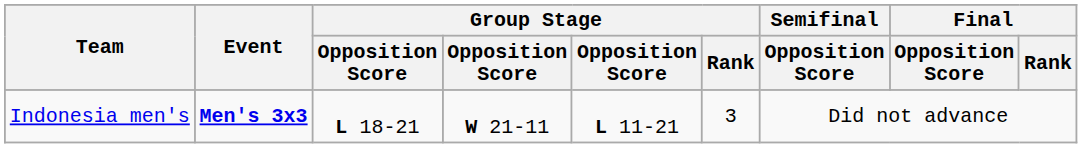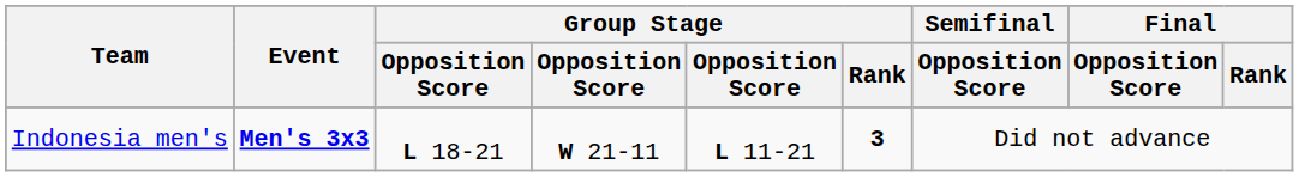 <table class="wikitable" style=font-size:85%;float:center;text-align:center>
 <tr>
 <th rowspan="2">Team</th>
 <th rowspan="2">Event</th>
 <th colspan="4">Group Stage</th>
 <th>Semifinal</th>
 <th colspan="2">Final</th>
 </tr>
 <tr>
 <th>Opposition<br>Score</th>
 <th>Opposition<br>Score</th>
 <th>Opposition<br>Score</th>
 <th>Rank</th>
 <th>Opposition<br>Score</th>
 <th>Opposition<br>Score</th>
 <th>Rank</th>
 </tr>
 <tr align="center">
 <td align="left"><a href='#'>Indonesia men's</a></td>
 <td align="left"><strong><a href='#'>Men's 3x3</a></strong></td>
 <td><br><strong>L</strong> 18-21</td>
 <td><br><strong>W</strong> 21-11</td>
 <td><br><strong>L</strong> 11-21</td>
-<td>3</td>
+<td><strong>3</strong></td>
 <td colspan="3">Did not advance</td>
 </tr>
 </table>
